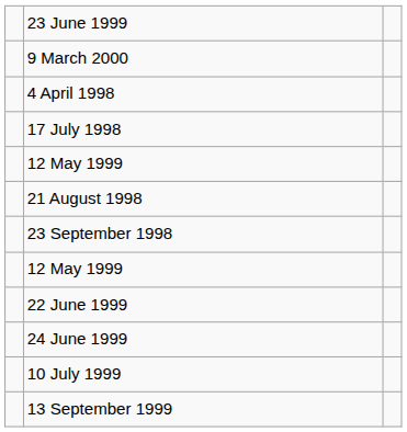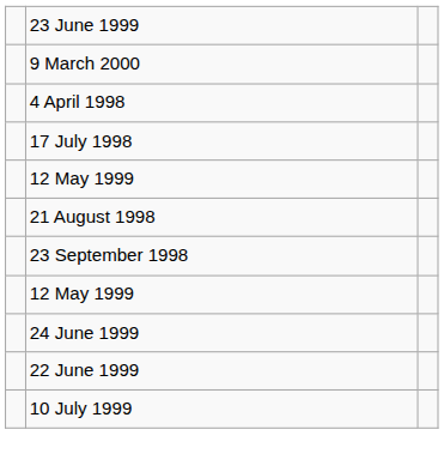 <table class="wikitable" style="font-size: 89%; float: left; width: 24em; margin-right: 1em; line-height: 1.65em !important; height: 324px;">
 <tr>
 <td></td>
 <td>23 June 1999</td>
 <td></td>
 </tr>
 <tr>
 <td></td>
 <td>9 March 2000</td>
 <td></td>
 </tr>
 <tr>
 <td></td>
 <td>4 April 1998</td>
 <td></td>
 </tr>
 <tr>
 <td></td>
 <td>17 July 1998</td>
 <td></td>
 </tr>
 <tr>
 <td></td>
 <td>12 May 1999</td>
 <td></td>
 </tr>
 <tr>
 <td></td>
 <td>21 August 1998</td>
 <td></td>
 </tr>
 <tr>
 <td></td>
 <td>23 September 1998</td>
 <td></td>
 </tr>
 <tr>
 <td></td>
 <td>12 May 1999</td>
 <td></td>
 </tr>
 <tr>
 <td></td>
-<td>22 June 1999</td>
+<td>24 June 1999</td>
 <td></td>
 </tr>
 <tr>
 <td></td>
-<td>24 June 1999</td>
+<td>22 June 1999</td>
 <td></td>
 </tr>
 <tr>
 <td></td>
 <td>10 July 1999</td>
 <td></td>
 </tr>
-<tr>
-<td></td>
-<td>13 September 1999</td>
-<td></td>
-</tr>
 </table>
